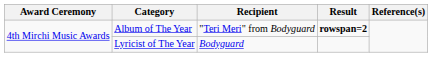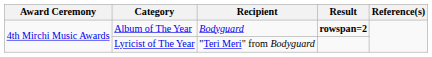 <table class="wikitable">
 <tr>
 <th>Award Ceremony</th>
 <th>Category</th>
 <th>Recipient</th>
 <th>Result</th>
 <th>Reference(s)</th>
 </tr>
 <tr>
 <td rowspan=2><a href='#'>4th Mirchi Music Awards</a></td>
 <td><a href='#'>Album of The Year</a></td>
-<td>"<a href='#'>Teri Meri</a>" from <em>Bodyguard</em></td>
+<td><em><a href='#'>Bodyguard</a></em></td>
 <td><strong>rowspan=2 </strong></td>
 <td rowspan=2></td>
 </tr>
 <tr>
 <td><a href='#'>Lyricist of The Year</a></td>
-<td><em><a href='#'>Bodyguard</a></em></td>
+<td>"<a href='#'>Teri Meri</a>" from <em>Bodyguard</em></td>
 </tr>
 </table>
